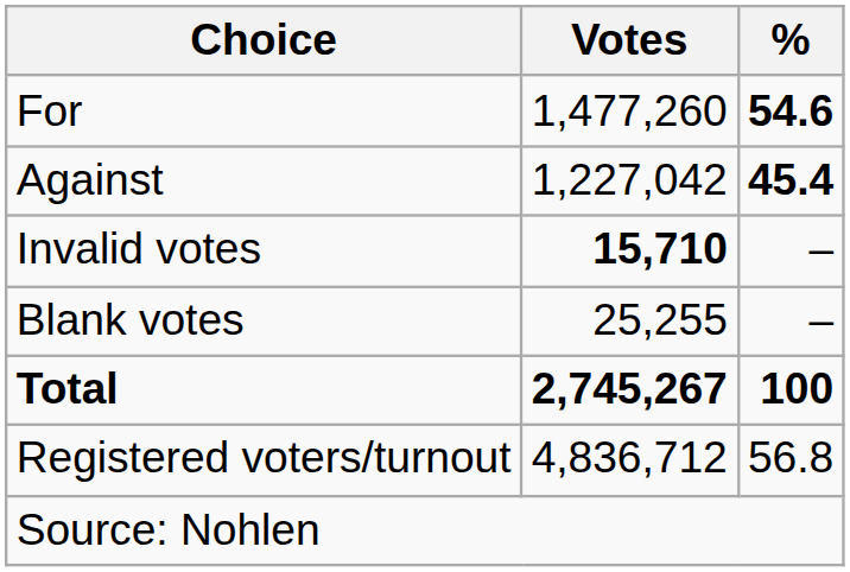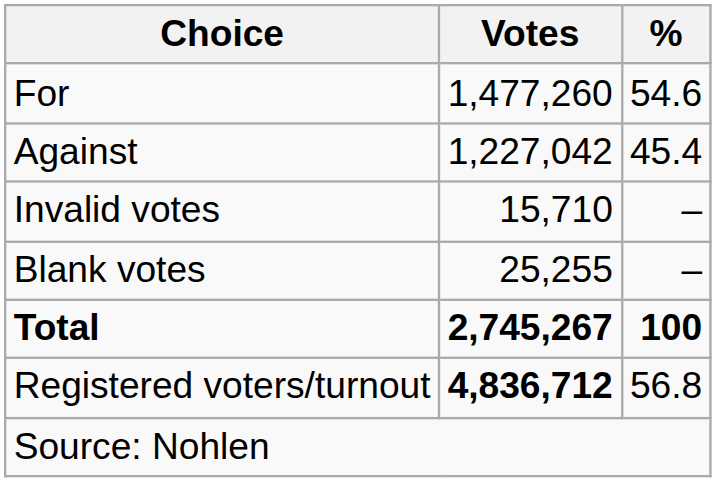 <table class=wikitable style=text-align:right>
 <tr>
 <th>Choice</th>
 <th>Votes</th>
 <th>%</th>
 </tr>
 <tr>
 <td align=left>For</td>
 <td>1,477,260</td>
-<td><strong>54.6</strong></td>
+<td>54.6</td>
 </tr>
 <tr>
 <td align=left>Against</td>
 <td>1,227,042</td>
-<td><strong>45.4</strong></td>
+<td>45.4</td>
 </tr>
 <tr>
 <td align=left>Invalid votes</td>
-<td><strong>15,710</strong></td>
+<td>15,710</td>
 <td>–</td>
 </tr>
 <tr>
 <td align=left>Blank votes</td>
 <td>25,255</td>
 <td>–</td>
 </tr>
 <tr>
 <td align=left><strong>Total</strong></td>
 <td><strong>2,745,267</strong></td>
 <td><strong>100</strong></td>
 </tr>
 <tr>
 <td align=left>Registered voters/turnout</td>
-<td>4,836,712</td>
+<td><strong>4,836,712</strong></td>
 <td>56.8</td>
 </tr>
 <tr>
 <td align=left colspan=3>Source: Nohlen</td>
 </tr>
 </table>
